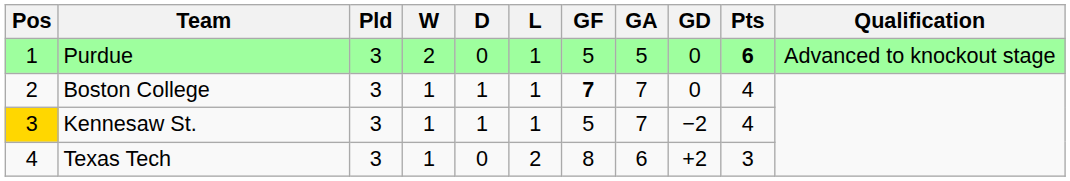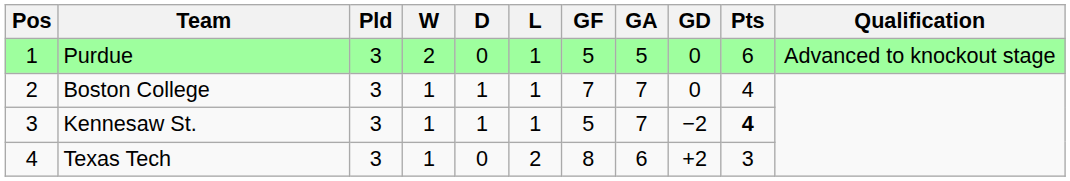 <table class="wikitable" style="text-align:center; margin: 1em auto">
 <tr>
 <th style="width:2em">Pos</th>
 <th style="width:13em">Team</th>
 <th style="width:2em">Pld</th>
 <th style="width:2em">W</th>
 <th style="width:2em">D</th>
 <th style="width:2em">L</th>
 <th style="width:2em">GF</th>
 <th style="width:2em">GA</th>
 <th style="width:2em">GD</th>
 <th style="width:2em">Pts</th>
 <th style="width:13em">Qualification</th>
 </tr>
 <tr bgcolor="#9eff9e">
 <td>1</td>
 <td style="text-align:left">Purdue</td>
 <td>3</td>
 <td>2</td>
 <td>0</td>
 <td>1</td>
 <td>5</td>
 <td>5</td>
 <td>0</td>
-<td><strong>6</strong></td>
+<td>6</td>
 <td>Advanced to knockout stage</td>
 </tr>
 <tr>
 <td>2</td>
 <td style="text-align:left">Boston College</td>
 <td>3</td>
 <td>1</td>
 <td>1</td>
 <td>1</td>
-<td><strong>7</strong></td>
+<td>7</td>
 <td>7</td>
 <td>0</td>
 <td>4</td>
 </tr>
 <tr>
-<td style="background: gold;">3</td>
+<td>3</td>
 <td style="text-align:left">Kennesaw St.</td>
 <td>3</td>
 <td>1</td>
 <td>1</td>
 <td>1</td>
 <td>5</td>
 <td>7</td>
 <td>−2</td>
-<td>4</td>
+<td><strong>4</strong></td>
 </tr>
 <tr>
 <td>4</td>
 <td style="text-align:left">Texas Tech</td>
 <td>3</td>
 <td>1</td>
 <td>0</td>
 <td>2</td>
 <td>8</td>
 <td>6</td>
 <td>+2</td>
 <td>3</td>
 </tr>
 </table>
